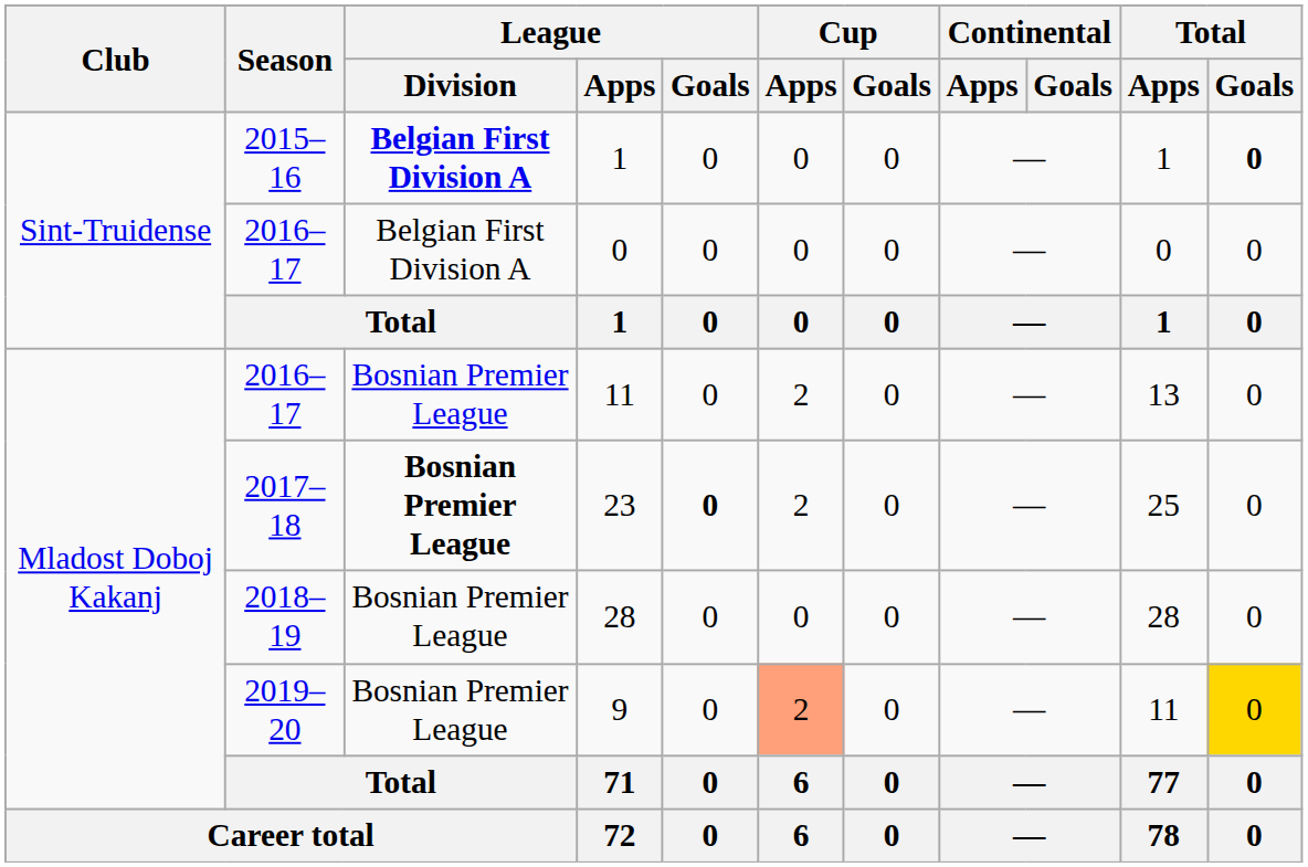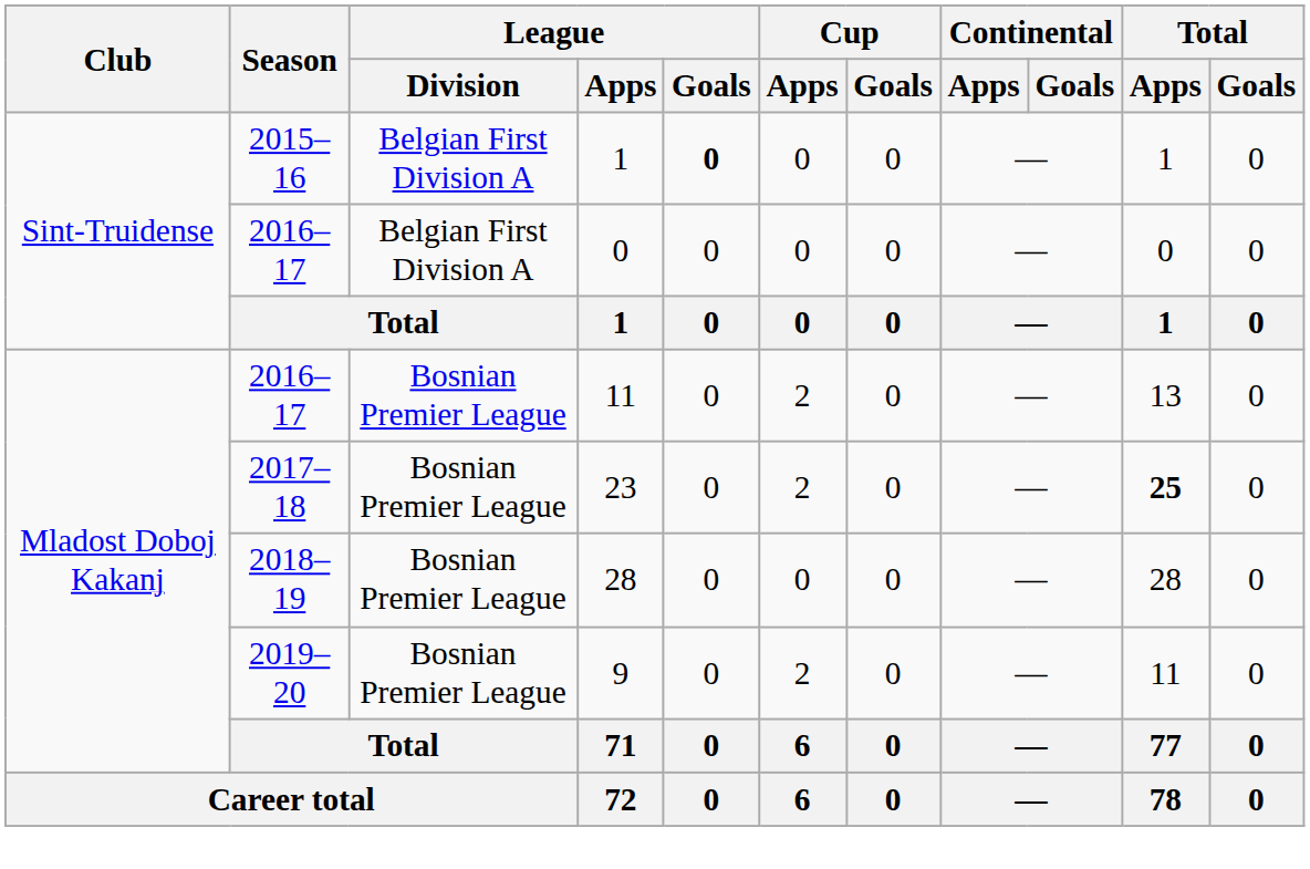 <table class=wikitable style="text-align: center;font-size:95%">
 <tr>
 <th rowspan=2>Club</th>
 <th rowspan=2>Season</th>
 <th colspan=3>League</th>
 <th colspan=2>Cup</th>
 <th colspan=2>Continental</th>
 <th colspan=2>Total</th>
 </tr>
 <tr>
 <th>Division</th>
 <th>Apps</th>
 <th>Goals</th>
 <th>Apps</th>
 <th>Goals</th>
 <th>Apps</th>
 <th>Goals</th>
 <th>Apps</th>
 <th>Goals</th>
 </tr>
 <tr>
 <td rowspan=3><a href='#'>Sint-Truidense</a></td>
 <td><a href='#'>2015–16</a></td>
-<td><strong><a href='#'>Belgian First Division A</a></strong></td>
+<td><a href='#'>Belgian First Division A</a></td>
 <td>1</td>
-<td>0</td>
+<td><strong>0</strong></td>
 <td>0</td>
 <td>0</td>
 <td colspan=2>—</td>
 <td>1</td>
-<td><strong>0</strong></td>
+<td>0</td>
 </tr>
 <tr>
 <td><a href='#'>2016–17</a></td>
 <td>Belgian First Division A</td>
 <td>0</td>
 <td>0</td>
 <td>0</td>
 <td>0</td>
 <td colspan=2>—</td>
 <td>0</td>
 <td>0</td>
 </tr>
 <tr>
 <th colspan=2>Total</th>
 <th>1</th>
 <th>0</th>
 <th>0</th>
 <th>0</th>
 <th colspan=2>—</th>
 <th>1</th>
 <th>0</th>
 </tr>
 <tr>
 <td rowspan=5><a href='#'>Mladost Doboj Kakanj</a></td>
 <td><a href='#'>2016–17</a></td>
 <td><a href='#'>Bosnian Premier League</a></td>
 <td>11</td>
 <td>0</td>
 <td>2</td>
 <td>0</td>
 <td colspan=2>—</td>
 <td>13</td>
 <td>0</td>
 </tr>
 <tr>
 <td><a href='#'>2017–18</a></td>
-<td><strong>Bosnian Premier League</strong></td>
+<td>Bosnian Premier League</td>
 <td>23</td>
-<td><strong>0</strong></td>
+<td>0</td>
 <td>2</td>
 <td>0</td>
 <td colspan=2>—</td>
-<td>25</td>
+<td><strong>25</strong></td>
 <td>0</td>
 </tr>
 <tr>
 <td><a href='#'>2018–19</a></td>
 <td>Bosnian Premier League</td>
 <td>28</td>
 <td>0</td>
 <td>0</td>
 <td>0</td>
 <td colspan=2>—</td>
 <td>28</td>
 <td>0</td>
 </tr>
 <tr>
 <td><a href='#'>2019–20</a></td>
 <td>Bosnian Premier League</td>
 <td>9</td>
 <td>0</td>
-<td style="background: lightsalmon;">2</td>
+<td>2</td>
 <td>0</td>
 <td colspan=2>—</td>
 <td>11</td>
-<td style="background: gold;">0</td>
+<td>0</td>
 </tr>
 <tr>
 <th colspan=2>Total</th>
 <th>71</th>
 <th>0</th>
 <th>6</th>
 <th>0</th>
 <th colspan=2>—</th>
 <th>77</th>
 <th>0</th>
 </tr>
 <tr>
 <th colspan=3>Career total</th>
 <th>72</th>
 <th>0</th>
 <th>6</th>
 <th>0</th>
 <th colspan=2>—</th>
 <th>78</th>
 <th>0</th>
 </tr>
 </table>
